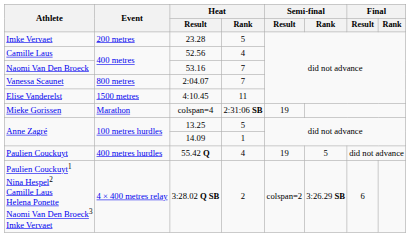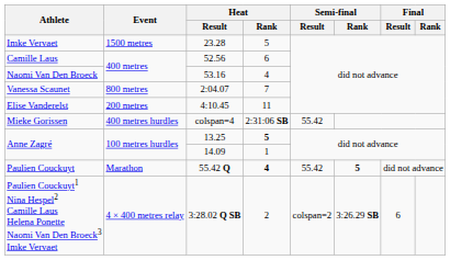 <table class=wikitable style=font-size:90%>
 <tr>
 <th rowspan=2>Athlete</th>
 <th rowspan=2>Event</th>
 <th colspan=2>Heat</th>
 <th colspan=2>Semi-final</th>
 <th colspan=2>Final</th>
 </tr>
 <tr style=font-size:95%>
 <th>Result</th>
 <th>Rank</th>
 <th>Result</th>
 <th>Rank</th>
 <th>Result</th>
 <th>Rank</th>
 </tr>
 <tr align=center>
 <td align=left><a href='#'>Imke Vervaet</a></td>
-<td align=left><a href='#'>200 metres</a></td>
+<td align=left><a href='#'>1500 metres</a></td>
 <td>23.28</td>
 <td>5</td>
 <td colspan=4 rowspan=5>did not advance</td>
 </tr>
 <tr align=center>
 <td align=left><a href='#'>Camille Laus</a></td>
 <td align=left rowspan=2><a href='#'>400 metres</a></td>
 <td>52.56</td>
-<td>4</td>
+<td>6</td>
 </tr>
 <tr align=center>
 <td align=left><a href='#'>Naomi Van Den Broeck</a></td>
 <td>53.16</td>
-<td>7</td>
+<td>4</td>
 </tr>
 <tr align=center>
 <td align=left><a href='#'>Vanessa Scaunet</a></td>
 <td align=left><a href='#'>800 metres</a></td>
 <td>2:04.07</td>
 <td>7</td>
 </tr>
 <tr align=center>
 <td align=left><a href='#'>Elise Vanderelst</a></td>
-<td align=left><a href='#'>1500 metres</a></td>
+<td align=left><a href='#'>200 metres</a></td>
 <td>4:10.45</td>
 <td>11</td>
 </tr>
 <tr align=center>
 <td align=left><a href='#'>Mieke Gorissen</a></td>
-<td align=left><a href='#'>Marathon</a></td>
+<td align=left><a href='#'>400 metres hurdles</a></td>
 <td>colspan=4</td>
 <td>2:31:06 <strong>SB</strong></td>
-<td>19</td>
+<td>55.42</td>
 </tr>
 <tr align=center>
 <td align=left rowspan=2><a href='#'>Anne Zagré</a></td>
 <td align=left rowspan=2><a href='#'>100 metres hurdles</a></td>
 <td>13.25</td>
-<td>5</td>
+<td><strong>5</strong></td>
 <td colspan=4 rowspan=2>did not advance</td>
 </tr>
 <tr align=center>
 <td>14.09</td>
 <td>1</td>
 </tr>
 <tr align=center>
 <td align=left><a href='#'>Paulien Couckuyt</a></td>
-<td align=left><a href='#'>400 metres hurdles</a></td>
+<td align=left><a href='#'>Marathon</a></td>
 <td>55.42 <strong>Q</strong></td>
-<td>4</td>
-<td>19</td>
-<td>5</td>
+<td><strong>4</strong></td>
+<td>55.42</td>
+<td><strong>5</strong></td>
 <td colspan=2>did not advance</td>
 </tr>
 <tr align=center>
 <td align=left><a href='#'>Paulien Couckuyt</a><sup>1</sup><br><a href='#'>Nina Hespel</a><sup>2</sup><br><a href='#'>Camille Laus</a><br><a href='#'>Helena Ponette</a><br><a href='#'>Naomi Van Den Broeck</a><sup>3</sup><br><a href='#'>Imke Vervaet</a></td>
 <td align=left><a href='#'>4 × 400 metres relay</a></td>
 <td>3:28.02 <strong>Q SB</strong></td>
 <td>2</td>
 <td>colspan=2</td>
 <td>3:26.29 <strong>SB</strong></td>
 <td>6</td>
 </tr>
 </table>
